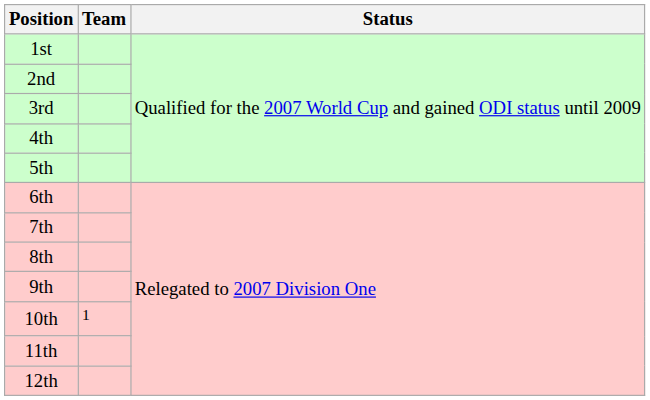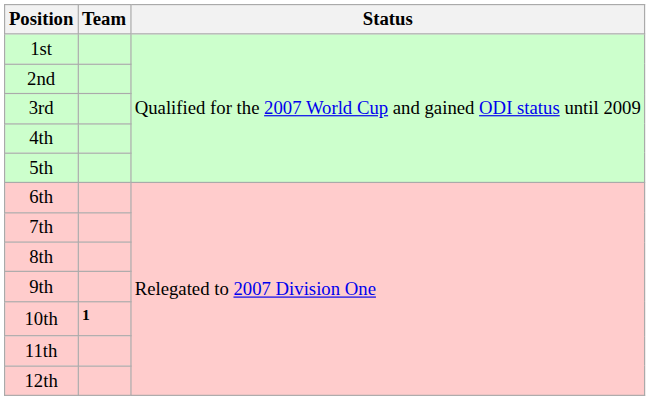 <table class="wikitable">
 <tr>
 <th>Position</th>
 <th>Team</th>
 <th>Status</th>
 </tr>
 <tr style="background: #cfc">
 <td style="text-align:center;">1st</td>
 <td></td>
 <td rowspan=5>Qualified for the <a href='#'>2007 World Cup</a> and gained <a href='#'>ODI status</a> until 2009</td>
 </tr>
 <tr style="background: #cfc">
 <td style="text-align:center;">2nd</td>
 <td></td>
 </tr>
 <tr style="background: #cfc">
 <td style="text-align:center;">3rd</td>
 <td></td>
 </tr>
 <tr style="background: #cfc">
 <td style="text-align:center;">4th</td>
 <td></td>
 </tr>
 <tr style="background: #cfc">
 <td style="text-align:center;">5th</td>
 <td></td>
 </tr>
 <tr style="background: #fcc">
 <td style="text-align:center;">6th</td>
 <td></td>
 <td rowspan=7>Relegated to <a href='#'>2007 Division One</a></td>
 </tr>
 <tr style="background: #fcc">
 <td style="text-align:center;">7th</td>
 <td></td>
 </tr>
 <tr style="background: #fcc">
 <td style="text-align:center;">8th</td>
 <td></td>
 </tr>
 <tr style="background: #fcc">
 <td style="text-align:center;">9th</td>
 <td></td>
 </tr>
 <tr style="background: #fcc">
 <td style="text-align:center;">10th</td>
-<td><sup>1</sup></td>
+<td><strong><sup>1</sup></strong></td>
 </tr>
 <tr style="background: #fcc">
 <td style="text-align:center;">11th</td>
 <td></td>
 </tr>
 <tr style="background: #fcc">
 <td style="text-align:center;">12th</td>
 <td></td>
 </tr>
 </table>
